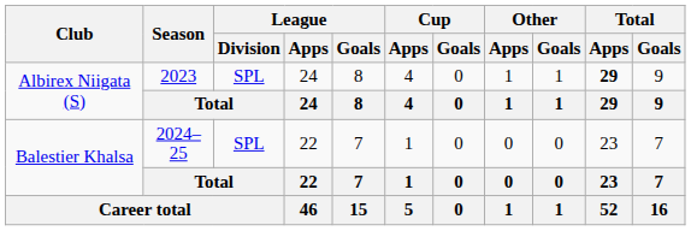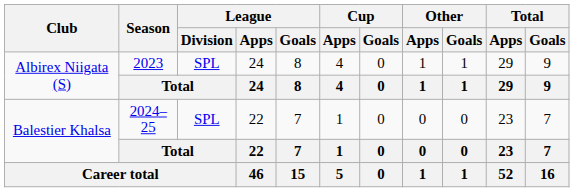 <table class=wikitable style=text-align:center>
 <tr>
 <th rowspan=2>Club</th>
 <th rowspan=2>Season</th>
 <th colspan=3>League</th>
 <th colspan=2>Cup</th>
 <th colspan=2>Other</th>
 <th colspan=2>Total</th>
 </tr>
 <tr>
 <th>Division</th>
 <th>Apps</th>
 <th>Goals</th>
 <th>Apps</th>
 <th>Goals</th>
 <th>Apps</th>
 <th>Goals</th>
 <th>Apps</th>
 <th>Goals</th>
 </tr>
 <tr>
 <td rowspan="2"><a href='#'>Albirex Niigata (S)</a></td>
 <td><a href='#'>2023</a></td>
 <td><a href='#'>SPL</a></td>
 <td>24</td>
 <td>8</td>
 <td>4</td>
 <td>0</td>
 <td>1</td>
 <td>1</td>
-<td><strong>29</strong></td>
+<td>29</td>
 <td>9</td>
 </tr>
 <tr>
 <th colspan=2>Total</th>
 <th>24</th>
 <th>8</th>
 <th>4</th>
 <th>0</th>
 <th>1</th>
 <th>1</th>
 <th>29</th>
 <th>9</th>
 </tr>
 <tr>
 <td rowspan="2"><a href='#'>Balestier Khalsa</a></td>
 <td><a href='#'>2024–25</a></td>
 <td><a href='#'>SPL</a></td>
 <td>22</td>
 <td>7</td>
 <td>1</td>
 <td>0</td>
 <td>0</td>
 <td>0</td>
 <td>23</td>
 <td>7</td>
 </tr>
 <tr>
 <th colspan=2>Total</th>
 <th>22</th>
 <th>7</th>
 <th>1</th>
 <th>0</th>
 <th>0</th>
 <th>0</th>
 <th>23</th>
 <th>7</th>
 </tr>
 <tr>
 <th colspan=3>Career total</th>
 <th>46</th>
 <th>15</th>
 <th>5</th>
 <th>0</th>
 <th>1</th>
 <th>1</th>
 <th>52</th>
 <th>16</th>
 </tr>
 </table>
